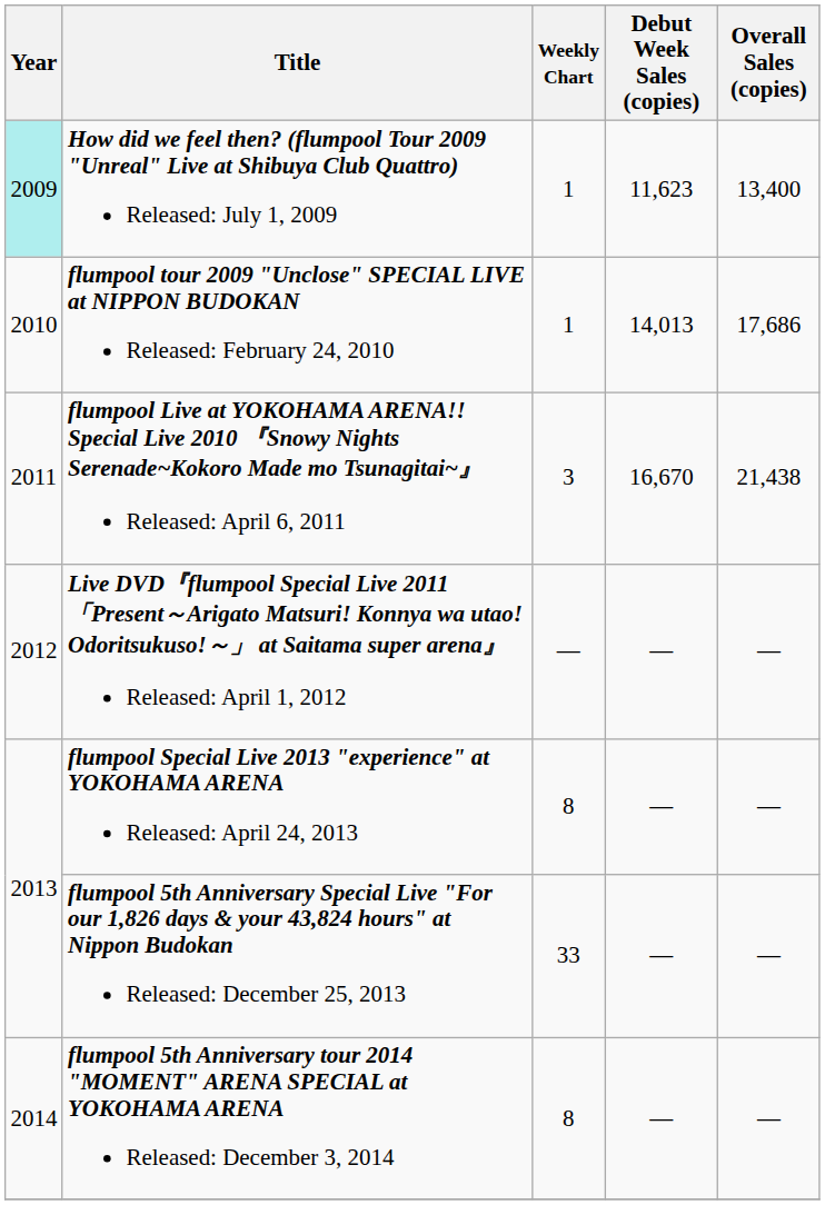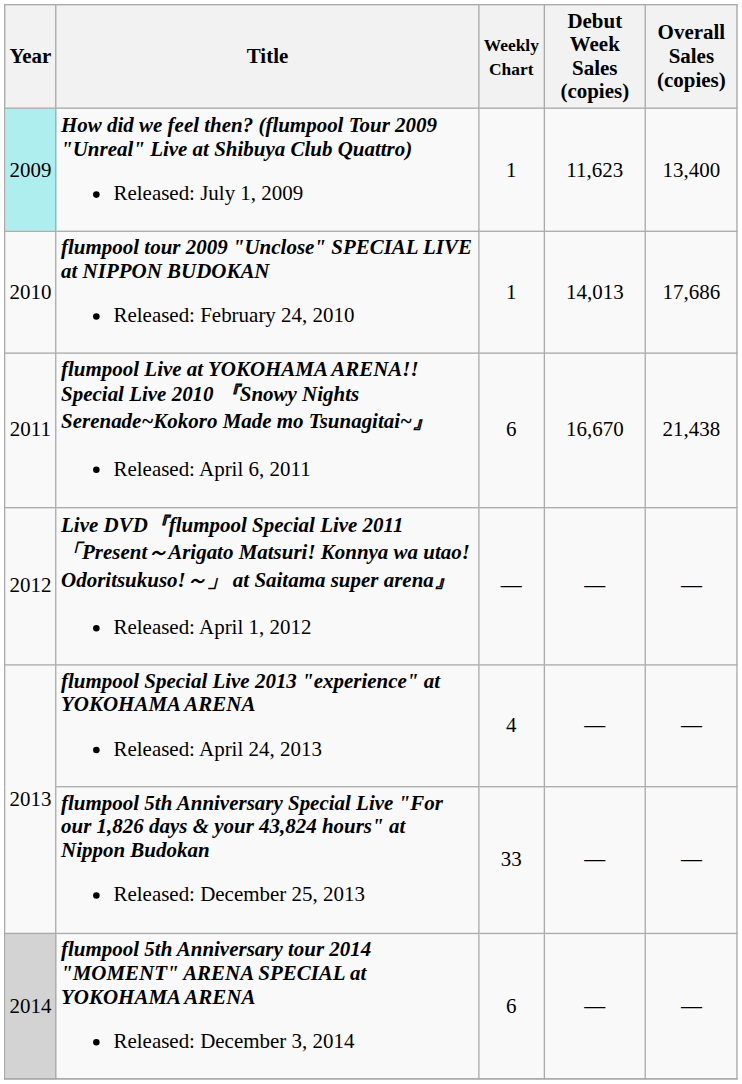 <table width="560" class="wikitable" style="text-align:center">
 <tr bgcolor="#cccccc">
 <th>Year</th>
 <th>Title</th>
 <th><small>Weekly<br>Chart</small></th>
 <th>Debut Week Sales<br>(copies)</th>
 <th>Overall Sales<br>(copies)</th>
 </tr>
 <tr>
 <td style="background: paleturquoise;">2009</td>
 <td align="left"><strong><em>How did we feel then? (flumpool Tour 2009 "Unreal" Live at Shibuya Club Quattro)</em></strong><br><ul><li>Released: July 1, 2009</li></ul></td>
 <td>1</td>
 <td>11,623</td>
 <td>13,400</td>
 </tr>
 <tr>
 <td>2010</td>
 <td align="left"><strong><em>flumpool tour 2009 "Unclose" SPECIAL LIVE at NIPPON BUDOKAN</em></strong><br><ul><li>Released: February 24, 2010</li></ul></td>
 <td>1</td>
 <td>14,013</td>
 <td>17,686</td>
 </tr>
 <tr>
 <td>2011</td>
 <td align="left"><strong><em>flumpool Live at YOKOHAMA ARENA!! Special Live 2010  『Snowy Nights Serenade~Kokoro Made mo Tsunagitai~』</em></strong><br><ul><li>Released: April 6, 2011</li></ul></td>
-<td>3</td>
+<td>6</td>
 <td>16,670</td>
 <td>21,438</td>
 </tr>
 <tr>
 <td>2012</td>
 <td align="left"><strong><em>Live DVD『flumpool Special Live 2011「Present～Arigato Matsuri! Konnya wa utao! Odoritsukuso!～」 at Saitama super arena』</em></strong><br><ul><li>Released: April 1, 2012</li></ul></td>
 <td>—</td>
 <td>—</td>
 <td>—</td>
 </tr>
 <tr>
 <td rowspan="2">2013</td>
 <td align="left"><strong><em>flumpool Special Live 2013 "experience" at YOKOHAMA ARENA</em></strong><br><ul><li>Released: April 24, 2013</li></ul></td>
-<td>8</td>
+<td>4</td>
 <td>—</td>
 <td>—</td>
 </tr>
 <tr>
 <td align="left"><strong><em>flumpool 5th Anniversary Special Live "For our 1,826 days & your 43,824 hours" at Nippon Budokan</em></strong><br><ul><li>Released: December 25, 2013</li></ul></td>
 <td>33</td>
 <td>—</td>
 <td>—</td>
 </tr>
 <tr>
-<td>2014</td>
+<td style="background: lightgrey;">2014</td>
 <td align="left"><strong><em>flumpool 5th Anniversary tour 2014 "MOMENT" ARENA SPECIAL at YOKOHAMA ARENA</em></strong><br><ul><li>Released: December 3, 2014</li></ul></td>
-<td>8</td>
+<td>6</td>
 <td>—</td>
 <td>—</td>
 </tr>
 <tr>
 </tr>
 </table>
